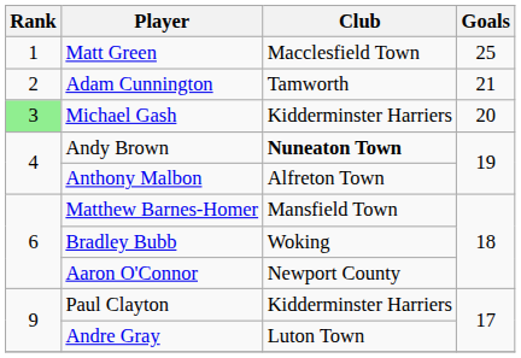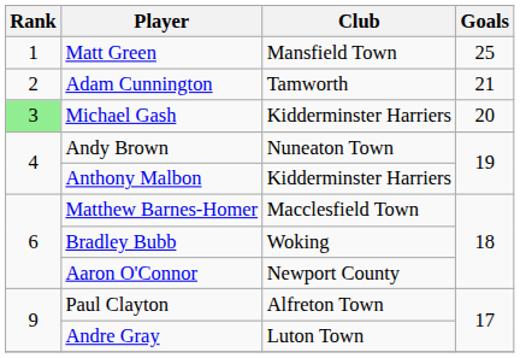 <table class="wikitable" style="text-align:center">
 <tr>
 <th>Rank</th>
 <th>Player</th>
 <th>Club</th>
 <th>Goals</th>
 </tr>
 <tr>
 <td rowspan=1>1</td>
 <td align="left"><a href='#'>Matt Green</a></td>
-<td align="left">Macclesfield Town</td>
+<td align="left">Mansfield Town</td>
 <td rowspan=1>25</td>
 </tr>
 <tr>
 <td rowspan=1>2</td>
 <td align="left"><a href='#'>Adam Cunnington</a></td>
 <td align="left">Tamworth</td>
 <td rowspan=1>21</td>
 </tr>
 <tr>
 <td rowspan=1 style="background: lightgreen;">3</td>
 <td align="left"><a href='#'>Michael Gash</a></td>
 <td align="left">Kidderminster Harriers</td>
 <td rowspan=1>20</td>
 </tr>
 <tr>
 <td rowspan=2>4</td>
 <td align="left">Andy Brown</td>
-<td align="left"><strong>Nuneaton Town</strong></td>
+<td align="left">Nuneaton Town</td>
 <td rowspan=2>19</td>
 </tr>
 <tr>
 <td align="left"><a href='#'>Anthony Malbon</a></td>
-<td align="left">Alfreton Town</td>
+<td align="left">Kidderminster Harriers</td>
 </tr>
 <tr>
 <td rowspan=3>6</td>
 <td align="left"><a href='#'>Matthew Barnes-Homer</a></td>
-<td align="left">Mansfield Town</td>
+<td align="left">Macclesfield Town</td>
 <td rowspan=3>18</td>
 </tr>
 <tr>
 <td align="left"><a href='#'>Bradley Bubb</a></td>
 <td align="left">Woking</td>
 </tr>
 <tr>
 <td align="left"><a href='#'>Aaron O'Connor</a></td>
 <td align="left">Newport County</td>
 </tr>
 <tr>
 <td rowspan=2>9</td>
 <td align="left">Paul Clayton</td>
-<td align="left">Kidderminster Harriers</td>
+<td align="left">Alfreton Town</td>
 <td rowspan=2>17</td>
 </tr>
 <tr>
 <td align="left"><a href='#'>Andre Gray</a></td>
 <td align="left">Luton Town</td>
 </tr>
 <tr>
 </tr>
 </table>
